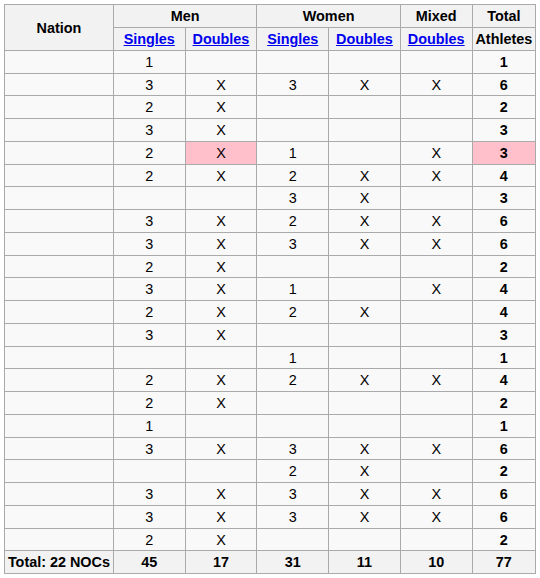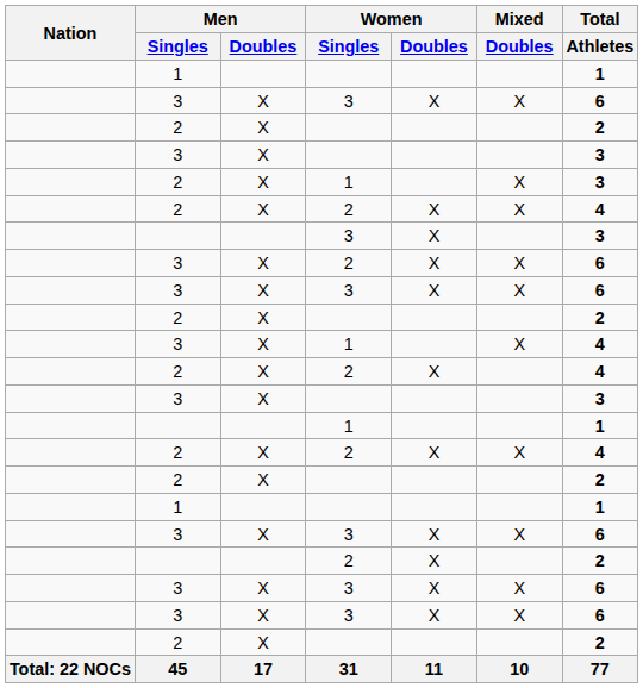 <table class="wikitable" style="text-align:center; font-size:90%">
 <tr>
 <th rowspan="2" align="left">Nation</th>
 <th colspan="2">Men</th>
 <th colspan="2">Women</th>
 <th>Mixed</th>
 <th>Total</th>
 </tr>
 <tr>
 <th width=65><a href='#'>Singles</a></th>
 <th width=65><a href='#'>Doubles</a></th>
 <th width=65><a href='#'>Singles</a></th>
 <th width=65><a href='#'>Doubles</a></th>
 <th width=65><a href='#'>Doubles</a></th>
 <th width=55>Athletes</th>
 </tr>
 <tr>
 <td align=left></td>
 <td>1</td>
 <td></td>
 <td></td>
 <td></td>
 <td></td>
 <td><strong>1</strong></td>
 </tr>
 <tr>
 <td align=left></td>
 <td>3</td>
 <td>X</td>
 <td>3</td>
 <td>X</td>
 <td>X</td>
 <td><strong>6</strong></td>
 </tr>
 <tr>
 <td align=left></td>
 <td>2</td>
 <td>X</td>
 <td></td>
 <td></td>
 <td></td>
 <td><strong>2</strong></td>
 </tr>
 <tr>
 <td align=left></td>
 <td>3</td>
 <td>X</td>
 <td></td>
 <td></td>
 <td></td>
 <td><strong>3</strong></td>
 </tr>
 <tr>
 <td align=left></td>
 <td>2</td>
-<td style="background: pink;">X</td>
+<td>X</td>
 <td>1</td>
 <td></td>
 <td>X</td>
-<td style="background: pink;"><strong>3</strong></td>
+<td><strong>3</strong></td>
 </tr>
 <tr>
 <td align=left></td>
 <td>2</td>
 <td>X</td>
 <td>2</td>
 <td>X</td>
 <td>X</td>
 <td><strong>4</strong></td>
 </tr>
 <tr>
 <td align=left></td>
 <td></td>
 <td></td>
 <td>3</td>
 <td>X</td>
 <td></td>
 <td><strong>3</strong></td>
 </tr>
 <tr>
 <td align=left></td>
 <td>3</td>
 <td>X</td>
 <td>2</td>
 <td>X</td>
 <td>X</td>
 <td><strong>6</strong></td>
 </tr>
 <tr>
 <td align=left></td>
 <td>3</td>
 <td>X</td>
 <td>3</td>
 <td>X</td>
 <td>X</td>
 <td><strong>6</strong></td>
 </tr>
 <tr>
 <td align=left></td>
 <td>2</td>
 <td>X</td>
 <td></td>
 <td></td>
 <td></td>
 <td><strong>2</strong></td>
 </tr>
 <tr>
 <td align=left></td>
 <td>3</td>
 <td>X</td>
 <td>1</td>
 <td></td>
 <td>X</td>
 <td><strong>4</strong></td>
 </tr>
 <tr>
 <td align=left></td>
 <td>2</td>
 <td>X</td>
 <td>2</td>
 <td>X</td>
 <td></td>
 <td><strong>4</strong></td>
 </tr>
 <tr>
 <td align=left></td>
 <td>3</td>
 <td>X</td>
 <td></td>
 <td></td>
 <td></td>
 <td><strong>3</strong></td>
 </tr>
 <tr>
 <td align=left></td>
 <td></td>
 <td></td>
 <td>1</td>
 <td></td>
 <td></td>
 <td><strong>1</strong></td>
 </tr>
 <tr>
 <td align=left></td>
 <td>2</td>
 <td>X</td>
 <td>2</td>
 <td>X</td>
 <td>X</td>
 <td><strong>4</strong></td>
 </tr>
 <tr>
 <td align=left></td>
 <td>2</td>
 <td>X</td>
 <td></td>
 <td></td>
 <td></td>
 <td><strong>2</strong></td>
 </tr>
 <tr>
 <td align=left></td>
 <td>1</td>
 <td></td>
 <td></td>
 <td></td>
 <td></td>
 <td><strong>1</strong></td>
 </tr>
 <tr>
 <td align=left></td>
 <td>3</td>
 <td>X</td>
 <td>3</td>
 <td>X</td>
 <td>X</td>
 <td><strong>6</strong></td>
 </tr>
 <tr>
 <td align=left></td>
 <td></td>
 <td></td>
 <td>2</td>
 <td>X</td>
 <td></td>
 <td><strong>2</strong></td>
 </tr>
 <tr>
 <td align=left></td>
 <td>3</td>
 <td>X</td>
 <td>3</td>
 <td>X</td>
 <td>X</td>
 <td><strong>6</strong></td>
 </tr>
 <tr>
 <td align=left></td>
 <td>3</td>
 <td>X</td>
 <td>3</td>
 <td>X</td>
 <td>X</td>
 <td><strong>6</strong></td>
 </tr>
 <tr>
 <td align=left></td>
 <td>2</td>
 <td>X</td>
 <td></td>
 <td></td>
 <td></td>
 <td><strong>2</strong></td>
 </tr>
 <tr>
 <th>Total: 22 NOCs</th>
 <th>45</th>
 <th>17</th>
 <th>31</th>
 <th>11</th>
 <th>10</th>
 <th>77</th>
 </tr>
 </table>
